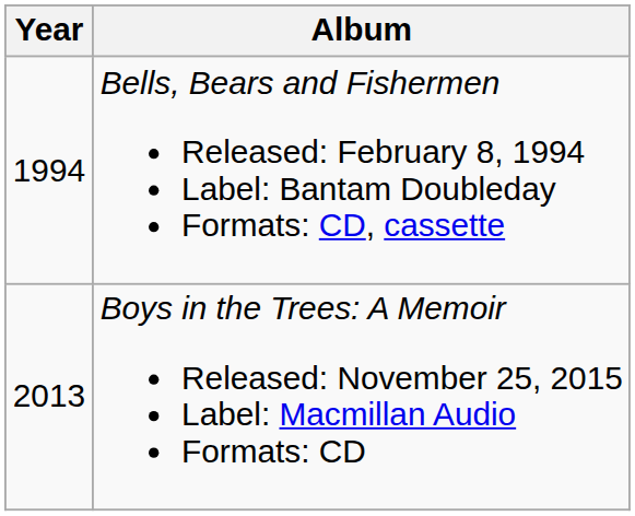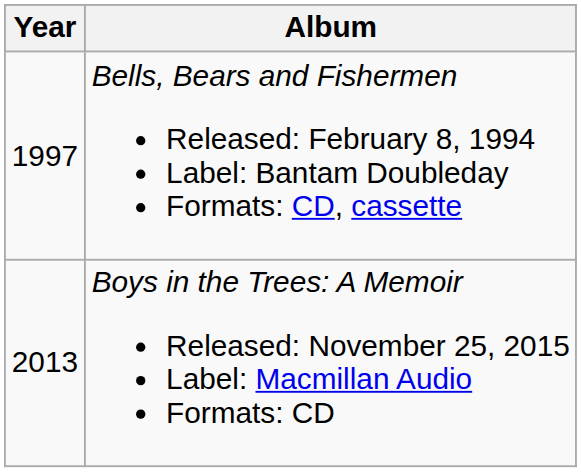 <table class=wikitable style=text-align:center;>
 <tr>
 <th rowspan="1">Year</th>
 <th rowspan="1">Album</th>
 </tr>
 <tr>
-<td>1994</td>
+<td>1997</td>
 <td align="left"><em>Bells, Bears and Fishermen</em><br><ul><li>Released: February 8, 1994</li><li>Label: Bantam Doubleday</li><li>Formats: <a href='#'>CD</a>, <a href='#'>cassette</a></li></ul></td>
 </tr>
 <tr>
 <td>2013</td>
 <td align="left"><em>Boys in the Trees: A Memoir</em><br><ul><li>Released: November 25, 2015</li><li>Label: <a href='#'>Macmillan Audio</a></li><li>Formats: CD</li></ul></td>
 </tr>
 </table>
